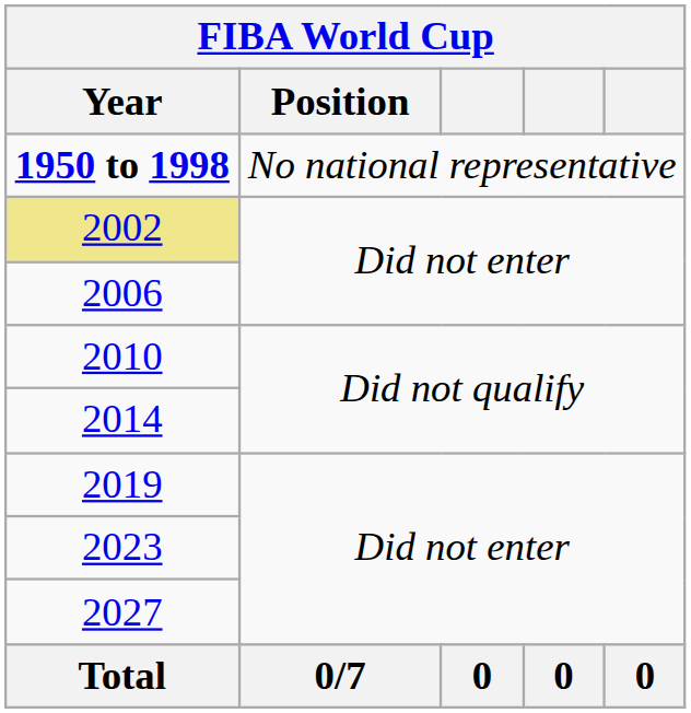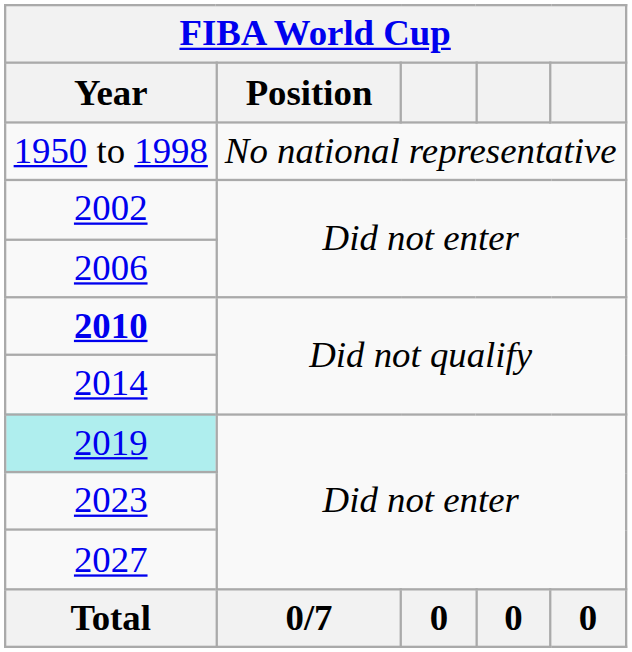 <table class="wikitable" style="text-align: center;">
 <tr>
 <th colspan=9><a href='#'>FIBA World Cup</a></th>
 </tr>
 <tr>
 <th>Year</th>
 <th>Position</th>
 <th width=25px></th>
 <th width=25px></th>
 <th width=25px></th>
 </tr>
 <tr>
-<td><strong><a href='#'>1950</a> to <a href='#'>1998</a></strong></td>
+<td><a href='#'>1950</a> to <a href='#'>1998</a></td>
 <td colspan=5><em>No national representative</em></td>
 </tr>
 <tr>
-<td style="background: khaki;"> <a href='#'>2002</a></td>
+<td> <a href='#'>2002</a></td>
 <td colspan=5 rowspan=2><em>Did not enter</em></td>
 </tr>
 <tr>
 <td> <a href='#'>2006</a></td>
 </tr>
 <tr>
-<td> <a href='#'>2010</a></td>
+<td><strong> <a href='#'>2010</a></strong></td>
 <td colspan=5 rowspan=2><em>Did not qualify</em></td>
 </tr>
 <tr>
 <td> <a href='#'>2014</a></td>
 </tr>
 <tr>
-<td> <a href='#'>2019</a></td>
+<td style="background: paleturquoise;"> <a href='#'>2019</a></td>
 <td colspan=5 rowspan=3><em>Did not enter</em></td>
 </tr>
 <tr>
 <td> <a href='#'>2023</a></td>
 </tr>
 <tr>
 <td> <a href='#'>2027</a></td>
 </tr>
 <tr>
 <th>Total</th>
 <th>0/7</th>
 <th>0</th>
 <th>0</th>
 <th>0</th>
 </tr>
 </table>
